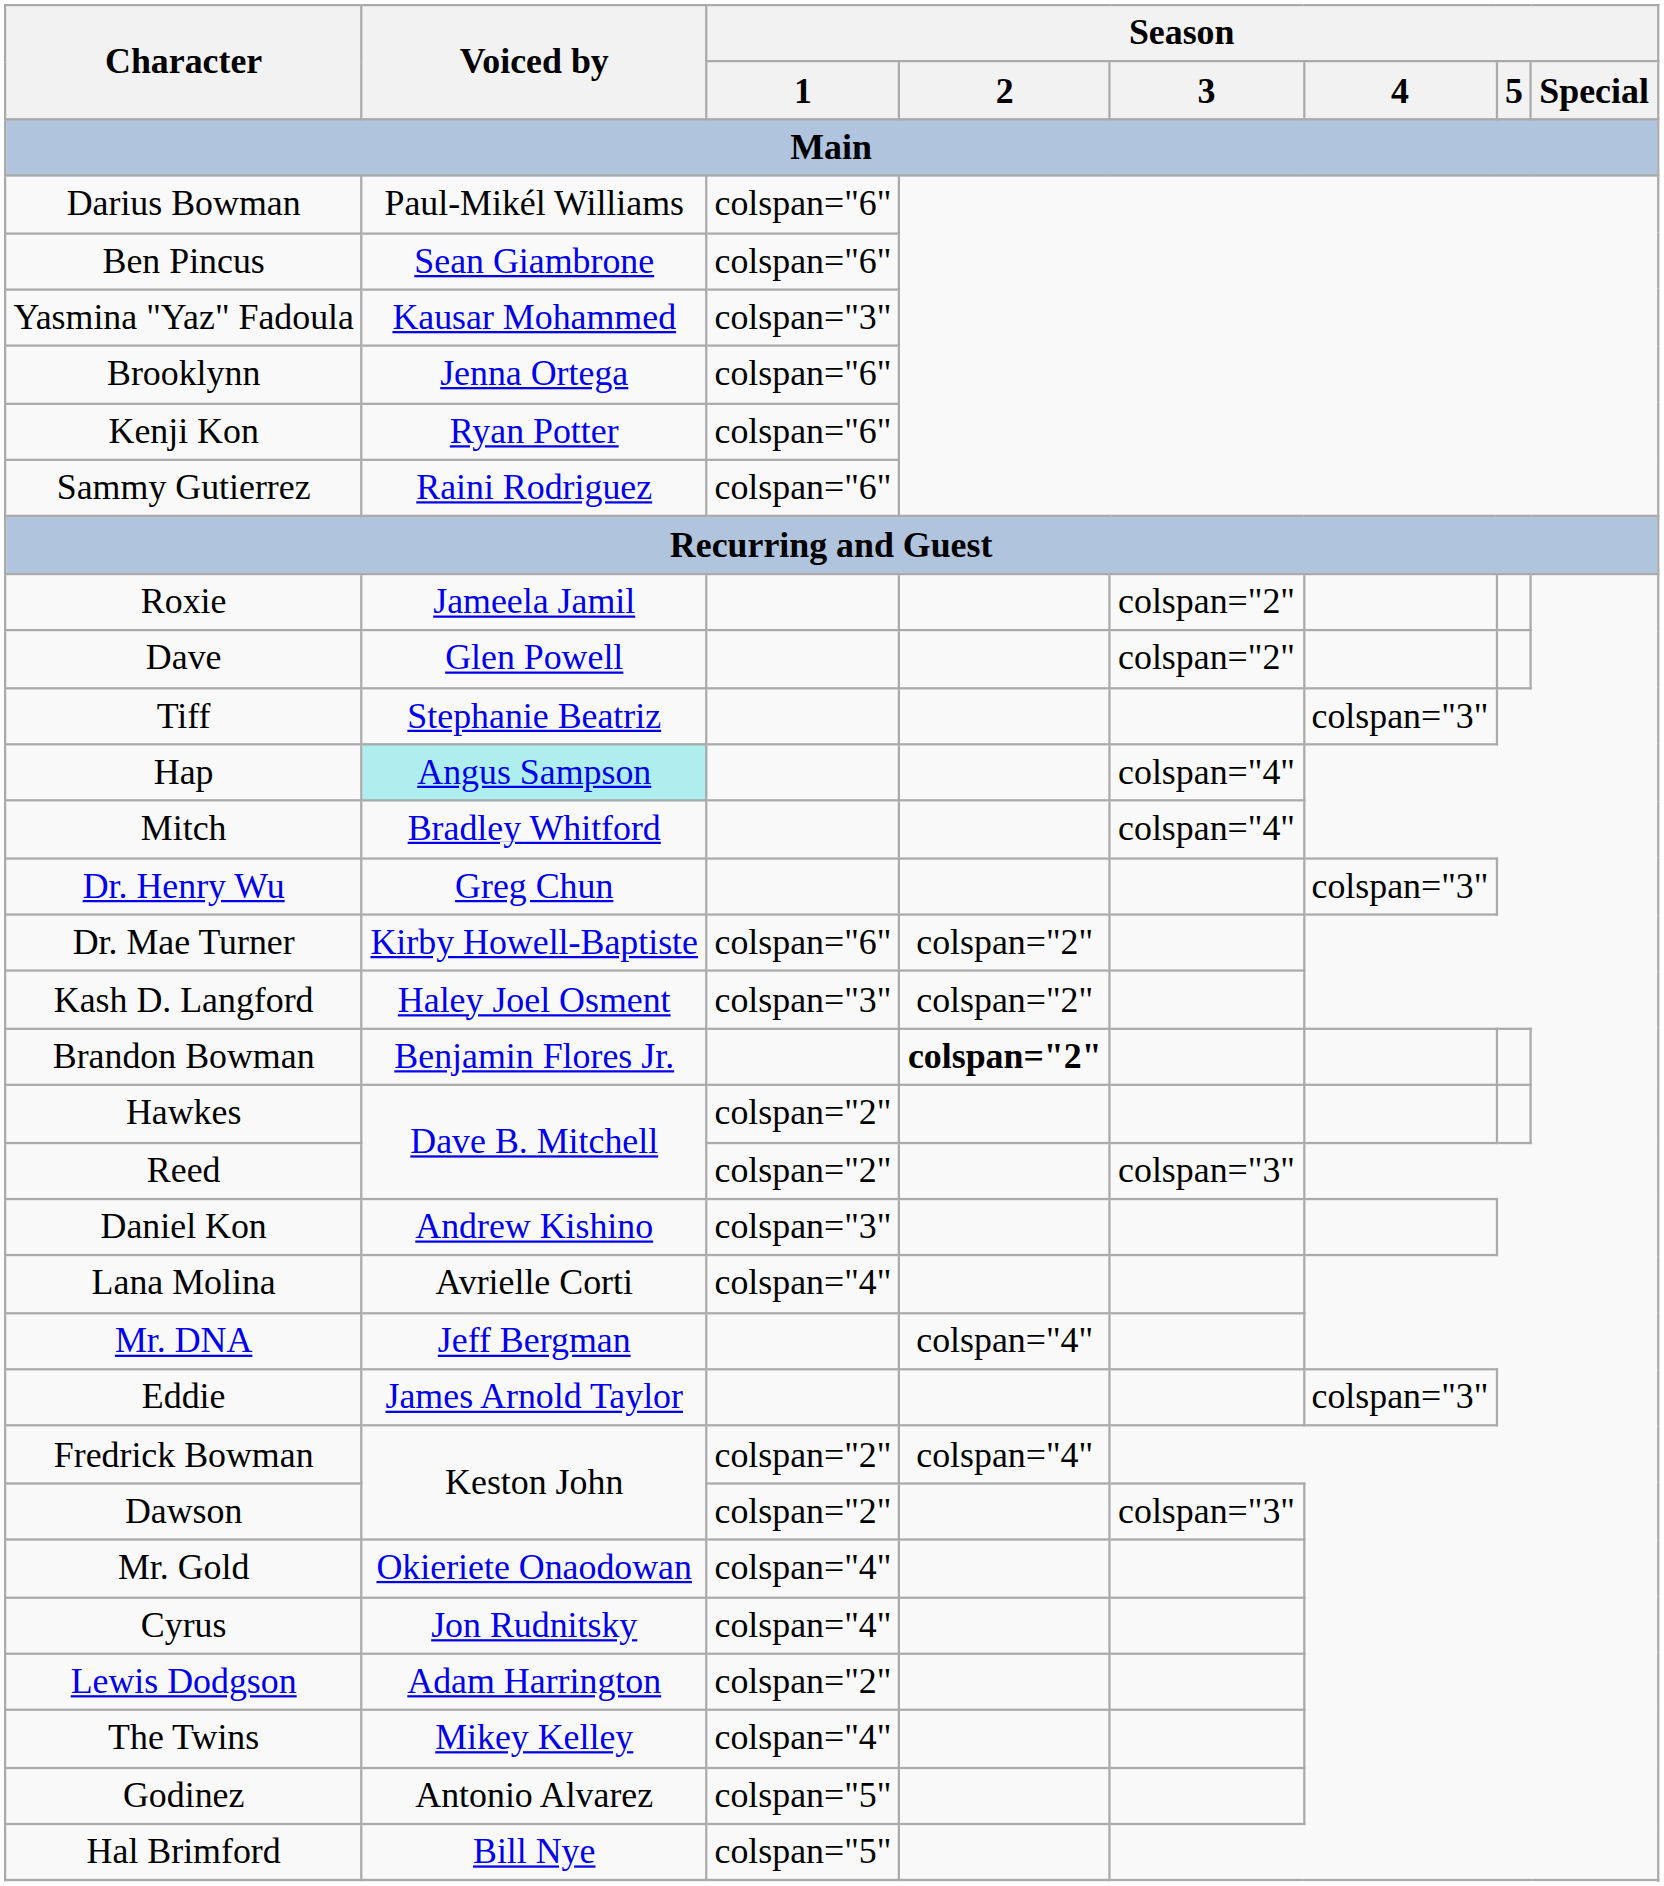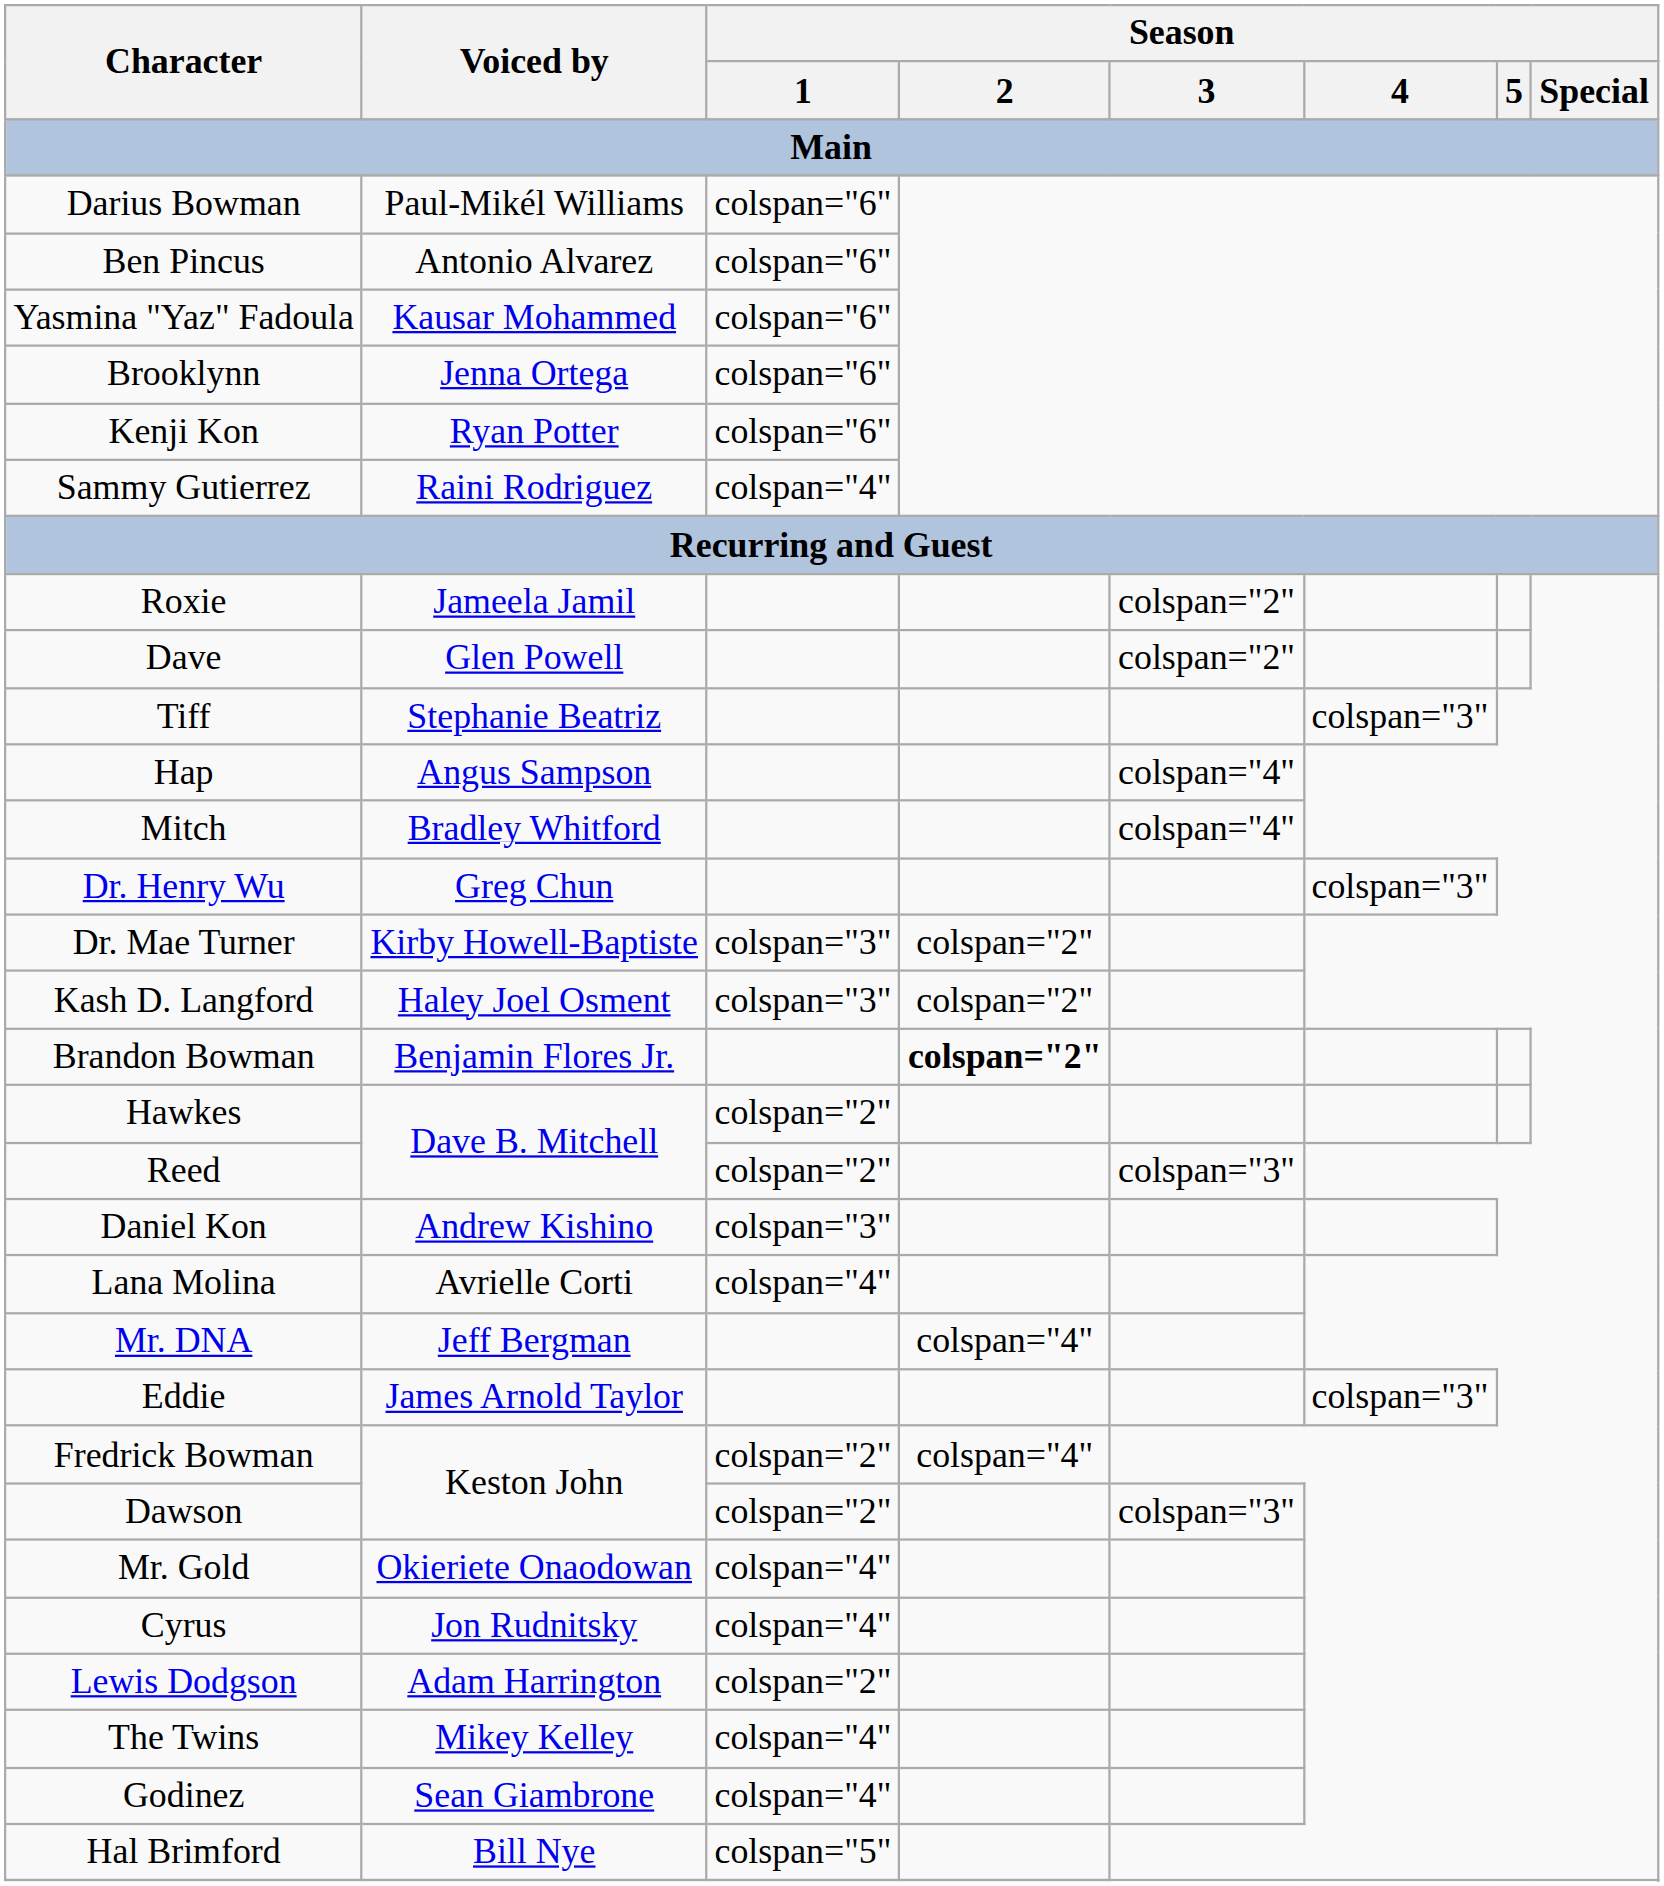 <table class="wikitable plainrowheaders" style="text-align:center;">
 <tr>
 <th scope="col" rowspan="2">Character</th>
 <th scope="col" rowspan="2">Voiced by</th>
 <th scope="col" colspan="6">Season</th>
 </tr>
 <tr>
 <th>1</th>
 <th>2</th>
 <th>3</th>
 <th>4</th>
 <th>5</th>
 <th>Special</th>
 </tr>
 <tr>
 <th colspan="8" style="background: LightSteelBlue;">Main</th>
 </tr>
 <tr>
 <td>Darius Bowman</td>
 <td>Paul-Mikél Williams</td>
 <td>colspan="6" </td>
 </tr>
 <tr>
 <td>Ben Pincus</td>
-<td><a href='#'>Sean Giambrone</a></td>
+<td>Antonio Alvarez</td>
 <td>colspan="6" </td>
 </tr>
 <tr>
 <td>Yasmina "Yaz" Fadoula</td>
 <td><a href='#'>Kausar Mohammed</a></td>
-<td>colspan="3" </td>
+<td>colspan="6" </td>
 </tr>
 <tr>
 <td>Brooklynn</td>
 <td><a href='#'>Jenna Ortega</a></td>
 <td>colspan="6" </td>
 </tr>
 <tr>
 <td>Kenji Kon</td>
 <td><a href='#'>Ryan Potter</a></td>
 <td>colspan="6" </td>
 </tr>
 <tr>
 <td>Sammy Gutierrez</td>
 <td><a href='#'>Raini Rodriguez</a></td>
-<td>colspan="6" </td>
+<td>colspan="4" </td>
 </tr>
 <tr>
 <th colspan="8" style="background: LightSteelBlue;">Recurring and Guest</th>
 </tr>
 <tr>
 <td>Roxie</td>
 <td><a href='#'>Jameela Jamil</a></td>
 <td></td>
 <td></td>
 <td>colspan="2" </td>
 <td></td>
 <td></td>
 </tr>
 <tr>
 <td>Dave</td>
 <td><a href='#'>Glen Powell</a></td>
 <td></td>
 <td></td>
 <td>colspan="2" </td>
 <td></td>
 <td></td>
 </tr>
 <tr>
 <td>Tiff</td>
 <td><a href='#'>Stephanie Beatriz</a></td>
 <td></td>
 <td></td>
 <td></td>
 <td>colspan="3" </td>
 </tr>
 <tr>
 <td>Hap</td>
-<td style="background: paleturquoise;"><a href='#'>Angus Sampson</a></td>
+<td><a href='#'>Angus Sampson</a></td>
 <td></td>
 <td></td>
 <td>colspan="4" </td>
 </tr>
 <tr>
 <td>Mitch</td>
 <td><a href='#'>Bradley Whitford</a></td>
 <td></td>
 <td></td>
 <td>colspan="4" </td>
 </tr>
 <tr>
 <td><a href='#'>Dr. Henry Wu</a></td>
 <td><a href='#'>Greg Chun</a></td>
 <td></td>
 <td></td>
 <td></td>
 <td>colspan="3" </td>
 </tr>
 <tr>
 <td>Dr. Mae Turner</td>
 <td><a href='#'>Kirby Howell-Baptiste</a></td>
-<td>colspan="6" </td>
+<td>colspan="3" </td>
 <td>colspan="2"</td>
 <td></td>
 </tr>
 <tr>
 <td>Kash D. Langford</td>
 <td><a href='#'>Haley Joel Osment</a></td>
 <td>colspan="3" </td>
 <td>colspan="2"</td>
 <td></td>
 </tr>
 <tr>
 <td>Brandon Bowman</td>
 <td><a href='#'>Benjamin Flores Jr.</a></td>
 <td></td>
 <td><strong>colspan="2" </strong></td>
 <td></td>
 <td></td>
 <td></td>
 </tr>
 <tr>
 <td>Hawkes</td>
 <td rowspan="2"><a href='#'>Dave B. Mitchell</a></td>
 <td>colspan="2" </td>
 <td></td>
 <td></td>
 <td></td>
 <td></td>
 </tr>
 <tr>
 <td>Reed</td>
 <td>colspan="2" </td>
 <td></td>
 <td>colspan="3" </td>
 </tr>
 <tr>
 <td>Daniel Kon</td>
 <td><a href='#'>Andrew Kishino</a></td>
 <td>colspan="3" </td>
 <td></td>
 <td></td>
 <td></td>
 </tr>
 <tr>
 <td>Lana Molina</td>
 <td>Avrielle Corti</td>
 <td>colspan="4" </td>
 <td></td>
 <td></td>
 </tr>
 <tr>
 <td><a href='#'>Mr. DNA</a></td>
 <td><a href='#'>Jeff Bergman</a></td>
 <td></td>
 <td>colspan="4" </td>
 <td></td>
 </tr>
 <tr>
 <td>Eddie</td>
 <td><a href='#'>James Arnold Taylor</a></td>
 <td></td>
 <td></td>
 <td></td>
 <td>colspan="3" </td>
 </tr>
 <tr>
 <td>Fredrick Bowman</td>
 <td rowspan="2">Keston John</td>
 <td>colspan="2" </td>
 <td>colspan="4" </td>
 </tr>
 <tr>
 <td>Dawson</td>
 <td>colspan="2" </td>
 <td></td>
 <td>colspan="3" </td>
 </tr>
 <tr>
 <td>Mr. Gold</td>
 <td><a href='#'>Okieriete Onaodowan</a></td>
 <td>colspan="4" </td>
 <td></td>
 <td></td>
 </tr>
 <tr>
 <td>Cyrus</td>
 <td><a href='#'>Jon Rudnitsky</a></td>
 <td>colspan="4" </td>
 <td></td>
 <td></td>
 </tr>
 <tr>
 <td><a href='#'>Lewis Dodgson</a></td>
 <td><a href='#'>Adam Harrington</a></td>
 <td>colspan="2" </td>
 <td></td>
 <td></td>
 </tr>
 <tr>
 <td>The Twins</td>
 <td><a href='#'>Mikey Kelley</a></td>
 <td>colspan="4" </td>
 <td></td>
 <td></td>
 </tr>
 <tr>
 <td>Godinez</td>
-<td>Antonio Alvarez</td>
-<td>colspan="5" </td>
+<td><a href='#'>Sean Giambrone</a></td>
+<td>colspan="4" </td>
 <td></td>
 <td></td>
 </tr>
 <tr>
 <td>Hal Brimford</td>
 <td><a href='#'>Bill Nye</a></td>
 <td>colspan="5" </td>
 <td></td>
 </tr>
 <tr>
 </tr>
 </table>
